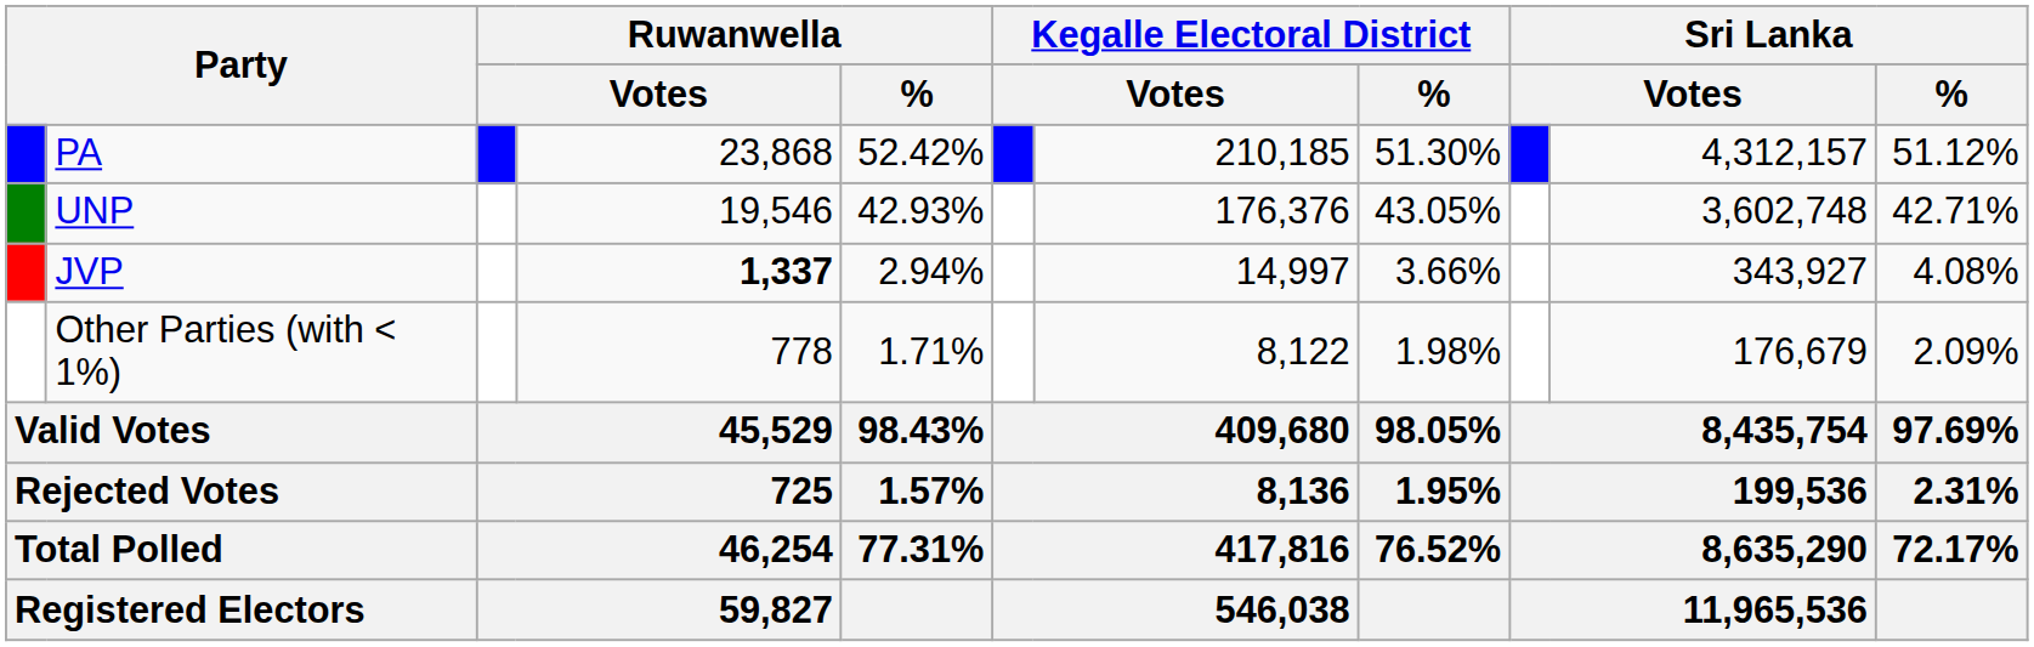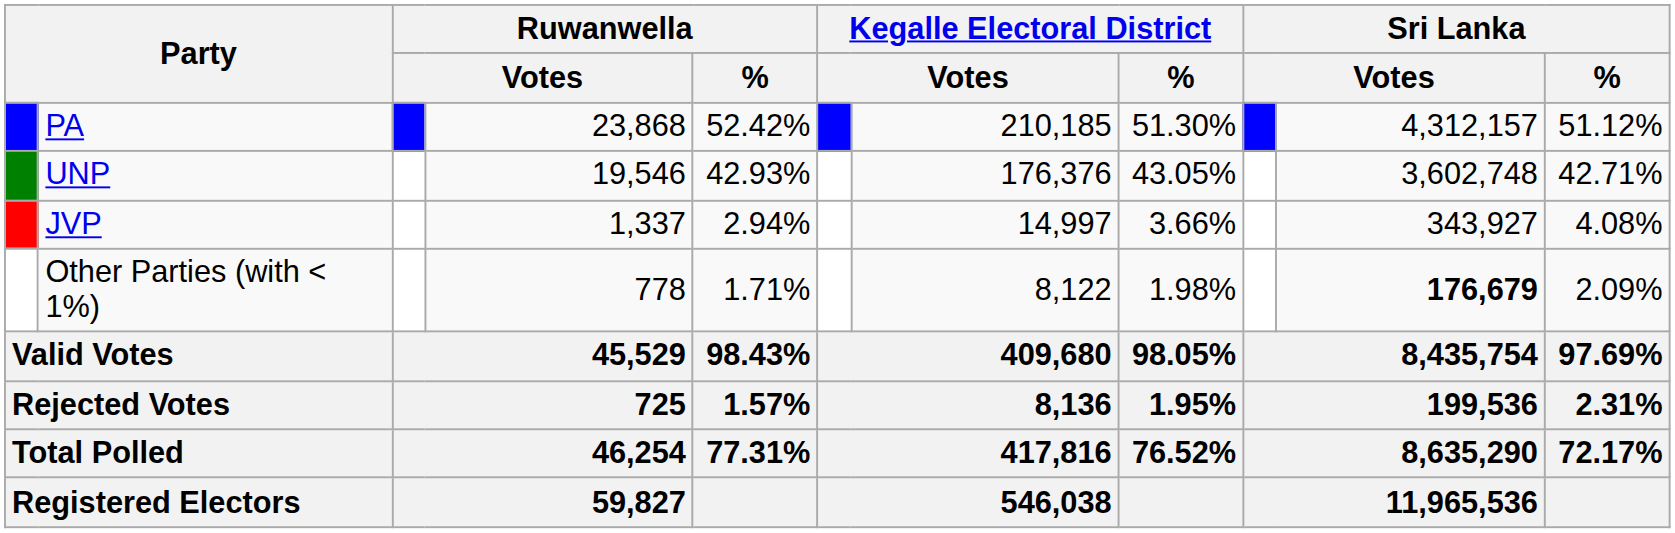 <table class="wikitable">
 <tr>
 <th colspan="2" width="144px"rowspan="2">Party</th>
 <th colspan="3" width="216px">Ruwanwella</th>
 <th colspan="3" width="216px"><a href='#'>Kegalle Electoral District</a></th>
 <th colspan="3" width="216px">Sri Lanka</th>
 </tr>
 <tr>
 <th colspan="2" width="144px">Votes</th>
 <th>%</th>
 <th colspan="2" width="144px">Votes</th>
 <th>%</th>
 <th colspan="2" width="144px">Votes</th>
 <th>%</th>
 </tr>
 <tr>
 <td style="background-color:blue;" width="10px"></td>
 <td style="text-align:left;"><a href='#'>PA</a></td>
 <td style="background-color:blue;" width="10px"></td>
 <td style="text-align:right;">23,868</td>
 <td style="text-align:right;">52.42%</td>
 <td style="background-color:blue;" width="10px"></td>
 <td style="text-align:right;">210,185</td>
 <td style="text-align:right;">51.30%</td>
 <td style="background-color:blue;" width="10px"></td>
 <td style="text-align:right;">4,312,157</td>
 <td style="text-align:right;">51.12%</td>
 </tr>
 <tr>
 <td style="background-color:green;" width="10px"></td>
 <td style="text-align:left;"><a href='#'>UNP</a></td>
 <td style="background-color:white;" width="10px"></td>
 <td style="text-align:right;">19,546</td>
 <td style="text-align:right;">42.93%</td>
 <td style="background-color:white;" width="10px"></td>
 <td style="text-align:right;">176,376</td>
 <td style="text-align:right;">43.05%</td>
 <td style="background-color:white;" width="10px"></td>
 <td style="text-align:right;">3,602,748</td>
 <td style="text-align:right;">42.71%</td>
 </tr>
 <tr>
 <td style="background-color:red;" width="10px"></td>
 <td style="text-align:left;"><a href='#'>JVP</a></td>
 <td style="background-color:white;" width="10px"></td>
-<td style="text-align:right;"><strong>1,337</strong></td>
+<td style="text-align:right;">1,337</td>
 <td style="text-align:right;">2.94%</td>
 <td style="background-color:white;" width="10px"></td>
 <td style="text-align:right;">14,997</td>
 <td style="text-align:right;">3.66%</td>
 <td style="background-color:white;" width="10px"></td>
 <td style="text-align:right;">343,927</td>
 <td style="text-align:right;">4.08%</td>
 </tr>
 <tr>
 <td style="background-color:white;" width="10px"></td>
 <td style="text-align:left;">Other Parties (with < 1%)</td>
 <td style="background-color:white;" width="10px"></td>
 <td style="text-align:right;">778</td>
 <td style="text-align:right;">1.71%</td>
 <td style="background-color:white;" width="10px"></td>
 <td style="text-align:right;">8,122</td>
 <td style="text-align:right;">1.98%</td>
 <td style="background-color:white;" width="10px"></td>
-<td style="text-align:right;">176,679</td>
+<td style="text-align:right;"><strong>176,679</strong></td>
 <td style="text-align:right;">2.09%</td>
 </tr>
 <tr>
 <th colspan="2" width="144px"style="text-align:left;">Valid Votes</th>
 <th style="text-align:right;"colspan="2" width="144px">45,529</th>
 <th style="text-align:right;">98.43%</th>
 <th style="text-align:right;"colspan="2" width="144px">409,680</th>
 <th style="text-align:right;">98.05%</th>
 <th style="text-align:right;"colspan="2" width="144px">8,435,754</th>
 <th style="text-align:right;">97.69%</th>
 </tr>
 <tr>
 <th colspan="2" width="144px"style="text-align:left;">Rejected Votes</th>
 <th style="text-align:right;"colspan="2" width="144px">725</th>
 <th style="text-align:right;">1.57%</th>
 <th style="text-align:right;"colspan="2" width="144px">8,136</th>
 <th style="text-align:right;">1.95%</th>
 <th style="text-align:right;"colspan="2" width="144px">199,536</th>
 <th style="text-align:right;">2.31%</th>
 </tr>
 <tr>
 <th colspan="2" width="144px"style="text-align:left;">Total Polled</th>
 <th style="text-align:right;"colspan="2" width="144px">46,254</th>
 <th style="text-align:right;">77.31%</th>
 <th style="text-align:right;"colspan="2" width="144px">417,816</th>
 <th style="text-align:right;">76.52%</th>
 <th style="text-align:right;"colspan="2" width="144px">8,635,290</th>
 <th style="text-align:right;">72.17%</th>
 </tr>
 <tr>
 <th colspan="2" width="144px"style="text-align:left;">Registered Electors</th>
 <th style="text-align:right;"colspan="2" width="144px">59,827</th>
 <th></th>
 <th style="text-align:right;"colspan="2" width="144px">546,038</th>
 <th></th>
 <th style="text-align:right;"colspan="2" width="144px">11,965,536</th>
 <th></th>
 </tr>
 </table>
